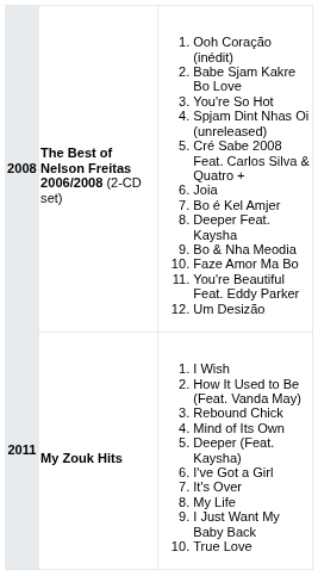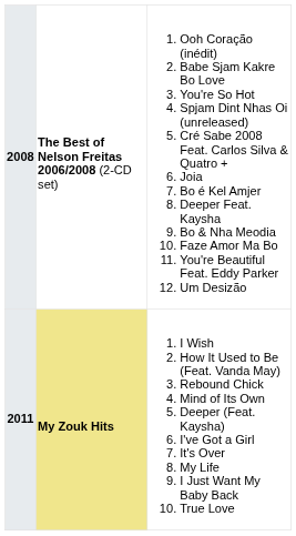 <table class="toccolours" border=1 cellpadding=2 cellspacing=0 style="float: lleft; width: 375px; margin: 0 0 1em 1em; border-collapse: collapse; border: 1px solid #E2E2E2;">
 <tr>
 <th bgcolor=#E7EBEE>2008</th>
 <td><br><strong>The Best of Nelson Freitas 2006/2008</strong> (2-CD set)</td>
 <td><br><ol><li>Ooh Coração (inédit)</li><li>Babe Sjam Kakre Bo Love</li><li>You're So Hot</li><li>Spjam Dint Nhas Oi (unreleased)</li><li>Cré Sabe 2008 Feat. Carlos Silva & Quatro +</li><li>Joia</li><li>Bo é Kel Amjer</li><li>Deeper Feat. Kaysha</li><li>Bo & Nha Meodia</li><li>Faze Amor Ma Bo</li><li>You're Beautiful Feat. Eddy Parker</li><li>Um Desizão</li></ol></td>
 </tr>
 <tr>
 <th bgcolor=E7EBEE>2011</th>
-<td><br><strong>My Zouk Hits</strong></td>
+<td style="background: khaki;"><br><strong>My Zouk Hits</strong></td>
 <td><br><ol><li>I Wish</li><li>How It Used to Be (Feat. Vanda May)</li><li>Rebound Chick</li><li>Mind of Its Own</li><li>Deeper (Feat. Kaysha)</li><li>I've Got a Girl</li><li>It's Over</li><li>My Life</li><li>I Just Want My Baby Back</li><li>True Love</li></ol></td>
 </tr>
 </table>
